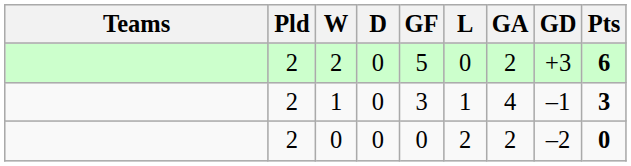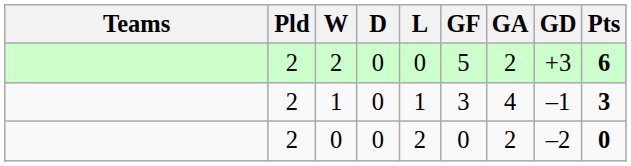 <table class="wikitable" style="text-align: center;">
 <tr>
 <th width=165>Teams</th>
 <th width=20>Pld</th>
 <th width=20>W</th>
 <th width=20>D</th>
+<th width=20>L</th>
 <th width=20>GF</th>
-<th width=20>L</th>
 <th width=20>GA</th>
 <th width=20>GD</th>
 <th width=20>Pts</th>
 </tr>
 <tr align=center style="background:#ccffcc;">
 <td style="text-align:left;"></td>
 <td>2</td>
 <td>2</td>
 <td>0</td>
+<td>0</td>
 <td>5</td>
-<td>0</td>
 <td>2</td>
 <td>+3</td>
 <td><strong>6</strong></td>
 </tr>
 <tr align=center>
 <td style="text-align:left;"></td>
 <td>2</td>
 <td>1</td>
 <td>0</td>
+<td>1</td>
 <td>3</td>
-<td>1</td>
 <td>4</td>
 <td>–1</td>
 <td><strong>3</strong></td>
 </tr>
 <tr align=center>
 <td style="text-align:left;"></td>
 <td>2</td>
 <td>0</td>
 <td>0</td>
+<td>2</td>
 <td>0</td>
-<td>2</td>
 <td>2</td>
 <td>–2</td>
 <td><strong>0</strong></td>
 </tr>
 </table>
